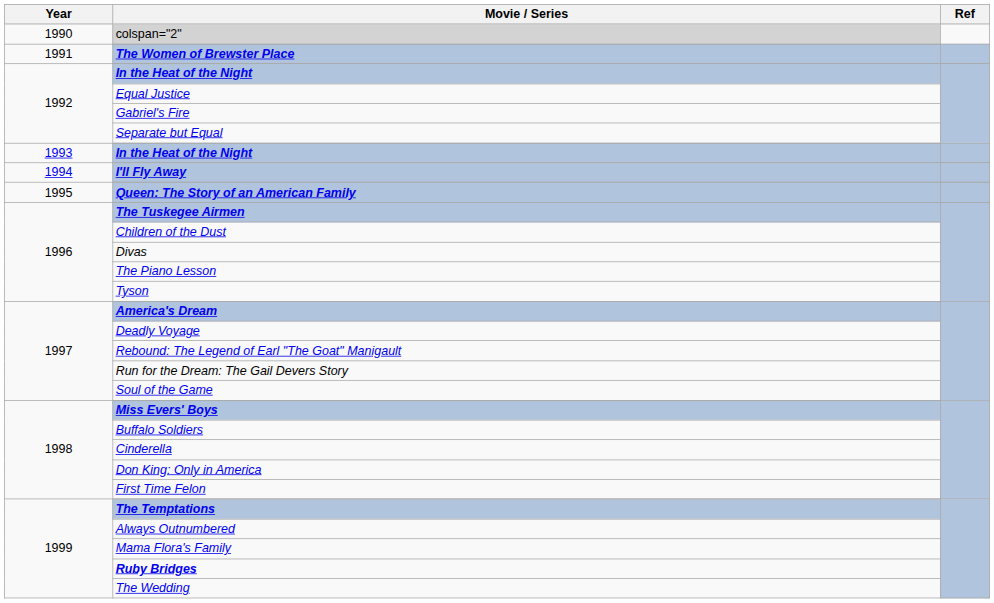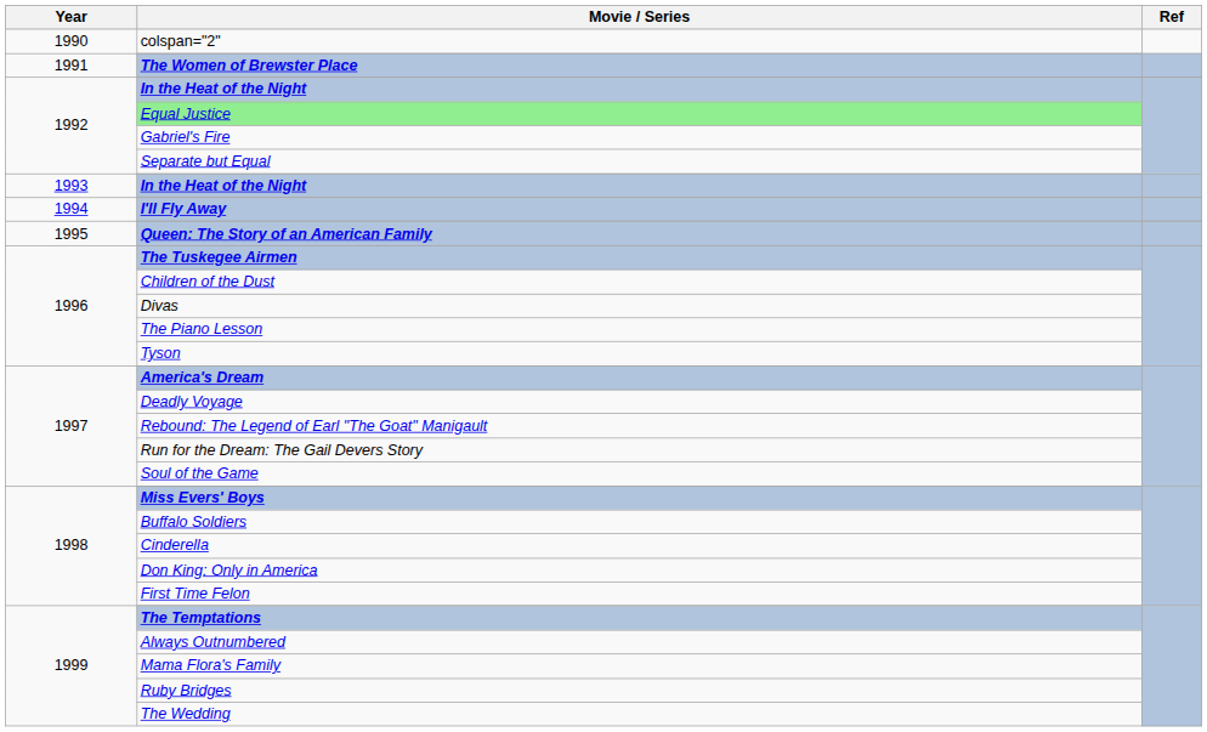 <table class="wikitable" style="width:100%;">
 <tr style="background:#bebebe;">
 <th style="width:11%;">Year</th>
 <th style="width:84%;">Movie / Series</th>
 <th style="width:5%;">Ref</th>
 </tr>
 <tr>
 <td align="center">1990</td>
-<td style="background: lightgrey;">colspan="2" </td>
+<td>colspan="2" </td>
 </tr>
 <tr>
 <td rowspan="2" align="center">1991</td>
 </tr>
 <tr style="background:#B0C4DE">
 <td><strong><em><a href='#'>The Women of Brewster Place</a></em></strong></td>
 <td align="center"></td>
 </tr>
 <tr>
 <td rowspan="5" align="center">1992</td>
 </tr>
 <tr style="background:#B0C4DE">
 <td><strong><em><a href='#'>In the Heat of the Night</a></em></strong></td>
 <td rowspan="5" align="center"></td>
 </tr>
 <tr>
-<td><em><a href='#'>Equal Justice</a></em></td>
+<td style="background: lightgreen;"><em><a href='#'>Equal Justice</a></em></td>
 </tr>
 <tr>
 <td><em><a href='#'>Gabriel's Fire</a></em></td>
 </tr>
 <tr>
 <td><em><a href='#'>Separate but Equal</a></em></td>
 </tr>
 <tr>
 <td rowspan="2" align="center"><a href='#'>1993</a></td>
 </tr>
 <tr style="background:#B0C4DE">
 <td><strong><em><a href='#'>In the Heat of the Night</a></em></strong></td>
 <td align="center"></td>
 </tr>
 <tr>
 <td rowspan="2" align="center"><a href='#'>1994</a></td>
 </tr>
 <tr style="background:#B0C4DE">
 <td><strong><em><a href='#'>I'll Fly Away</a></em></strong></td>
 <td align="center"></td>
 </tr>
 <tr>
 <td rowspan="2" align="center">1995</td>
 </tr>
 <tr style="background:#B0C4DE">
 <td><strong><em><a href='#'>Queen: The Story of an American Family</a></em></strong></td>
 <td align="center"></td>
 </tr>
 <tr>
 <td rowspan="6" align="center">1996</td>
 </tr>
 <tr style="background:#B0C4DE">
 <td><strong><em><a href='#'>The Tuskegee Airmen</a></em></strong></td>
 <td rowspan="6" align="center"></td>
 </tr>
 <tr>
 <td><em><a href='#'>Children of the Dust</a></em></td>
 </tr>
 <tr>
 <td><em>Divas</em></td>
 </tr>
 <tr>
 <td><em><a href='#'>The Piano Lesson</a></em></td>
 </tr>
 <tr>
 <td><em><a href='#'>Tyson</a></em></td>
 </tr>
 <tr>
 <td rowspan="6" align="center">1997</td>
 </tr>
 <tr style="background:#B0C4DE">
 <td><strong><em><a href='#'>America's Dream</a></em></strong></td>
 <td rowspan="6" align="center"></td>
 </tr>
 <tr>
 <td><em><a href='#'>Deadly Voyage</a></em></td>
 </tr>
 <tr>
 <td><em><a href='#'>Rebound: The Legend of Earl "The Goat" Manigault</a></em></td>
 </tr>
 <tr>
 <td><em>Run for the Dream: The Gail Devers Story</em></td>
 </tr>
 <tr>
 <td><em><a href='#'>Soul of the Game</a></em></td>
 </tr>
 <tr>
 <td rowspan="6" align="center">1998</td>
 </tr>
 <tr style="background:#B0C4DE">
 <td><strong><em><a href='#'>Miss Evers' Boys</a></em></strong></td>
 <td rowspan="6" align="center"></td>
 </tr>
 <tr>
 <td><em><a href='#'>Buffalo Soldiers</a></em></td>
 </tr>
 <tr>
 <td><em><a href='#'>Cinderella</a></em></td>
 </tr>
 <tr>
 <td><em><a href='#'>Don King: Only in America</a></em></td>
 </tr>
 <tr>
 <td><em><a href='#'>First Time Felon</a></em></td>
 </tr>
 <tr>
 <td rowspan="6" align="center">1999</td>
 </tr>
 <tr style="background:#B0C4DE">
 <td><strong><em><a href='#'>The Temptations</a></em></strong></td>
 <td rowspan="6" align="center"></td>
 </tr>
 <tr>
 <td><em><a href='#'>Always Outnumbered</a></em></td>
 </tr>
 <tr>
 <td><em><a href='#'>Mama Flora's Family</a></em></td>
 </tr>
 <tr>
-<td><strong><em><a href='#'>Ruby Bridges</a></em></strong></td>
+<td><em><a href='#'>Ruby Bridges</a></em></td>
 </tr>
 <tr>
 <td><em><a href='#'>The Wedding</a></em></td>
 </tr>
 </table>
